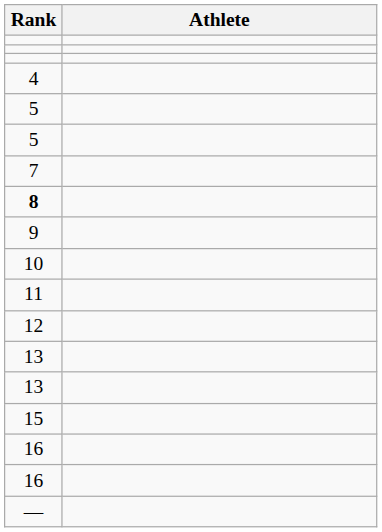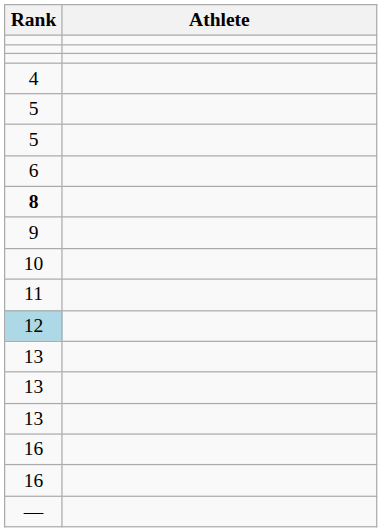 <table class="wikitable" style="text-align: center;">
 <tr>
 <th width=40>Rank</th>
 <th width=250>Athlete</th>
 </tr>
 <tr>
 <td></td>
 <td align=left></td>
 </tr>
 <tr>
 <td></td>
 <td align=left></td>
 </tr>
 <tr>
 <td></td>
 <td align=left></td>
 </tr>
 <tr>
 <td>4</td>
 <td align=left></td>
 </tr>
 <tr>
 <td>5</td>
 <td align=left></td>
 </tr>
 <tr>
 <td>5</td>
 <td align=left></td>
 </tr>
 <tr>
-<td>7</td>
+<td>6</td>
 <td align=left></td>
 </tr>
 <tr>
 <td><strong>8</strong></td>
 <td align=left></td>
 </tr>
 <tr>
 <td>9</td>
 <td align=left></td>
 </tr>
 <tr>
 <td>10</td>
 <td align=left></td>
 </tr>
 <tr>
 <td>11</td>
 <td align=left></td>
 </tr>
 <tr>
-<td>12</td>
+<td style="background: lightblue;">12</td>
 <td align=left></td>
 </tr>
 <tr>
 <td>13</td>
 <td align=left></td>
 </tr>
 <tr>
 <td>13</td>
 <td align=left></td>
 </tr>
 <tr>
-<td>15</td>
+<td>13</td>
 <td align=left></td>
 </tr>
 <tr>
 <td>16</td>
 <td align=left></td>
 </tr>
 <tr>
 <td>16</td>
 <td align=left></td>
 </tr>
 <tr>
 <td>—</td>
 <td align=left></td>
 </tr>
 </table>
